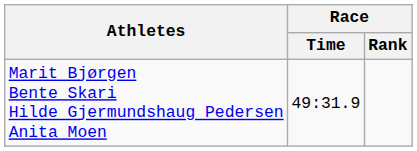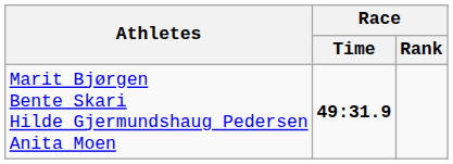 <table class="wikitable" border="1" style="font-size:90%">
 <tr>
 <th rowspan=2>Athletes</th>
 <th colspan=2>Race</th>
 </tr>
 <tr>
 <th>Time</th>
 <th>Rank</th>
 </tr>
 <tr>
 <td><a href='#'>Marit Bjørgen</a><br><a href='#'>Bente Skari</a><br><a href='#'>Hilde Gjermundshaug Pedersen</a><br><a href='#'>Anita Moen</a></td>
-<td align=center>49:31.9</td>
+<td align=center><strong>49:31.9</strong></td>
 <td align=center></td>
 </tr>
 </table>
